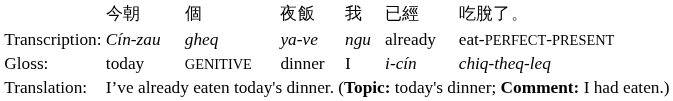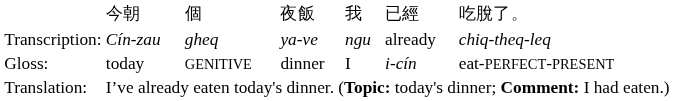 <table>
 <tr>
 <td></td>
 <td>今朝</td>
 <td>個</td>
 <td>夜飯</td>
 <td>我</td>
 <td>已經</td>
 <td>吃脫了。</td>
 </tr>
 <tr>
 <td>Transcription:</td>
 <td><em>Cín-zau</em></td>
 <td><em>gheq</em></td>
 <td><em>ya-ve</em></td>
 <td><em>ngu</em></td>
 <td>already</td>
-<td>eat-<small>PERFECT</small>-<small>PRESENT</small></td>
+<td><em>chiq-theq-leq</em></td>
 </tr>
 <tr>
 <td>Gloss:</td>
 <td>today</td>
 <td><small>GENITIVE</small></td>
 <td>dinner</td>
 <td>I</td>
 <td><em>i-cín</em></td>
-<td><em>chiq-theq-leq</em></td>
+<td>eat-<small>PERFECT</small>-<small>PRESENT</small></td>
 </tr>
 <tr>
 <td>Translation:</td>
 <td colspan=7>I’ve already eaten today's dinner. (<strong>Topic:</strong> today's dinner; <strong>Comment:</strong> I had eaten.)</td>
 </tr>
 </table>
